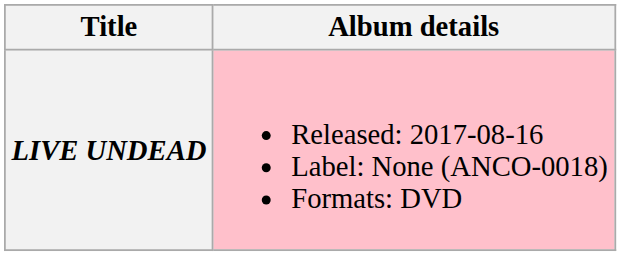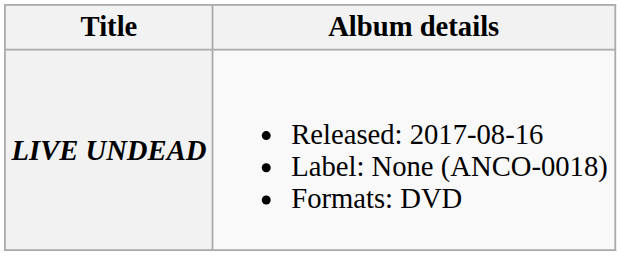 <table class="wikitable plainrowheaders">
 <tr>
 <th scope="col" rowspan="1">Title</th>
 <th scope="col" rowspan="1">Album details</th>
 </tr>
 <tr>
 <th scope="row"><em>LIVE UNDEAD</em></th>
-<td style="background: pink;"><br><ul><li>Released: 2017-08-16</li><li>Label: None (ANCO-0018)</li><li>Formats: DVD</li></ul></td>
+<td><br><ul><li>Released: 2017-08-16</li><li>Label: None (ANCO-0018)</li><li>Formats: DVD</li></ul></td>
 </tr>
 </table>
